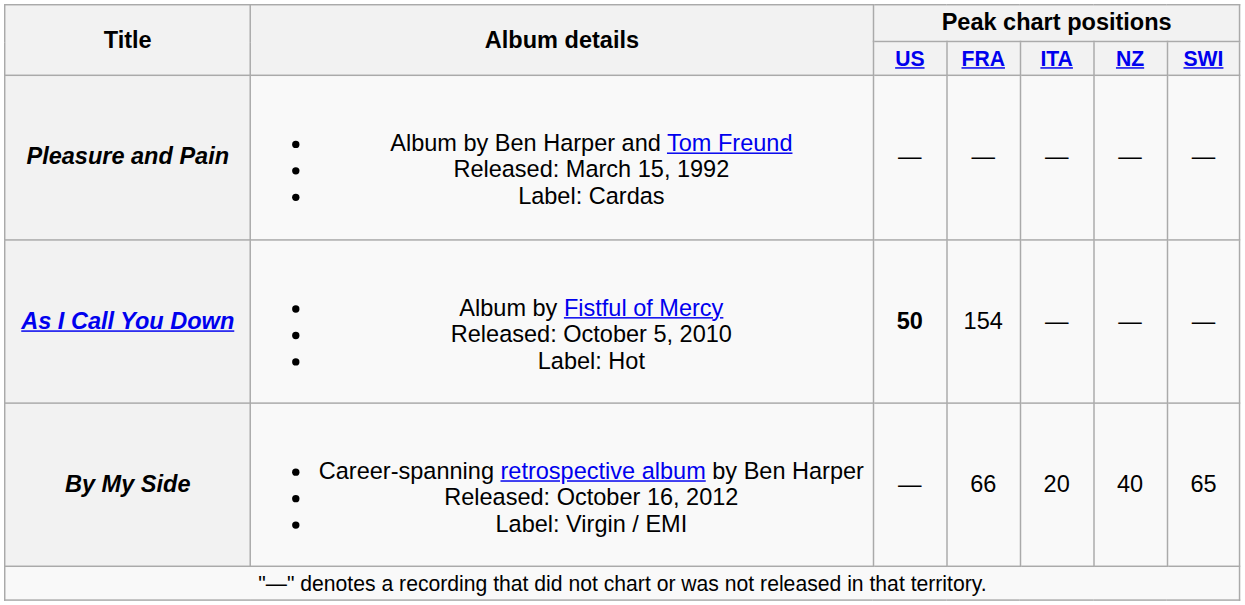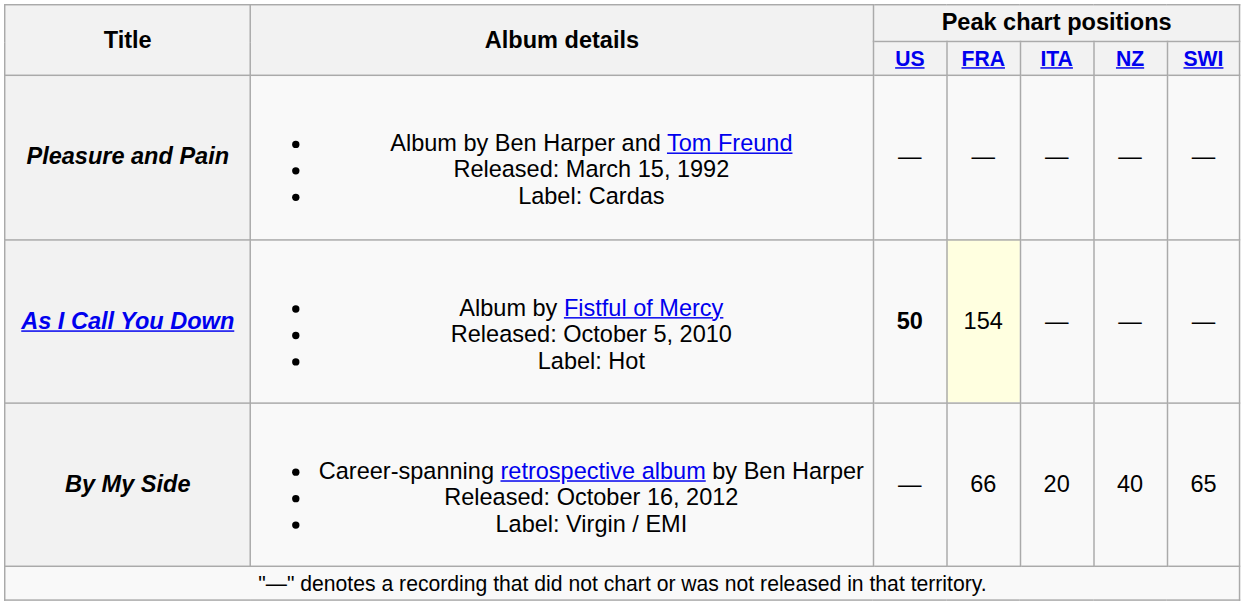 <table class="wikitable plainrowheaders" style="text-align:center;">
 <tr>
 <th scope="col" rowspan="2" style="width:10em;">Title</th>
 <th scope="col" rowspan="2" style="width:26em;">Album details</th>
 <th scope="col" colspan="5">Peak chart positions</th>
 </tr>
 <tr>
 <th scope="col" style="width:3em;font-size:90%;"><a href='#'>US</a><br></th>
 <th scope="col" style="width:3em;font-size:90%;"><a href='#'>FRA</a><br></th>
 <th scope="col" style="width:3em;font-size:90%;"><a href='#'>ITA</a><br></th>
 <th scope="col" style="width:3em;font-size:90%;"><a href='#'>NZ</a><br></th>
 <th scope="col" style="width:3em;font-size:90%;"><a href='#'>SWI</a><br></th>
 </tr>
 <tr>
 <th scope="row"><em>Pleasure and Pain</em></th>
 <td><br><ul><li>Album by Ben Harper and <a href='#'>Tom Freund</a></li><li>Released: March 15, 1992</li><li>Label: Cardas</li></ul></td>
 <td>—</td>
 <td>—</td>
 <td>—</td>
 <td>—</td>
 <td>—</td>
 </tr>
 <tr>
 <th scope="row"><em><a href='#'>As I Call You Down</a></em></th>
 <td><br><ul><li>Album by <a href='#'>Fistful of Mercy</a></li><li>Released: October 5, 2010</li><li>Label: Hot</li></ul></td>
 <td><strong>50</strong></td>
-<td>154</td>
+<td style="background: lightyellow;">154</td>
 <td>—</td>
 <td>—</td>
 <td>—</td>
 </tr>
 <tr>
 <th scope="row"><em>By My Side</em></th>
 <td><br><ul><li>Career-spanning <a href='#'>retrospective album</a> by Ben Harper</li><li>Released: October 16, 2012</li><li>Label: Virgin / EMI</li></ul></td>
 <td>—</td>
 <td>66</td>
 <td>20</td>
 <td>40</td>
 <td>65</td>
 </tr>
 <tr>
 <td colspan="14" style="font-size:90%">"—" denotes a recording that did not chart or was not released in that territory.</td>
 </tr>
 </table>
